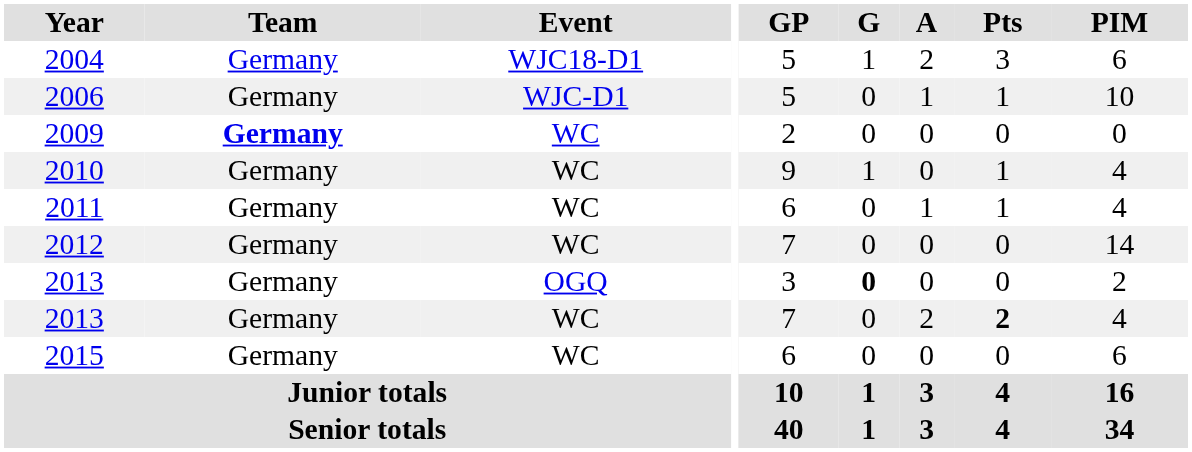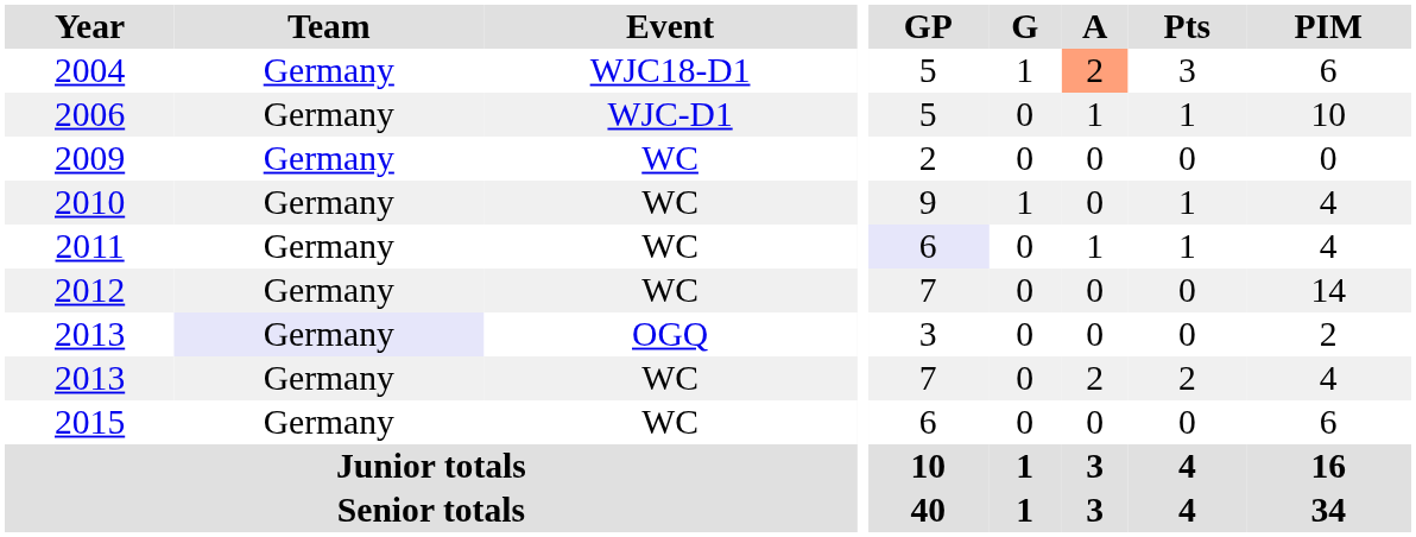 <table border="0" cellpadding="1" cellspacing="0" ID="Table3" style="text-align:center; width:40em">
 <tr ALIGN="center" bgcolor="#e0e0e0">
 <th>Year</th>
 <th>Team</th>
 <th>Event</th>
 <th rowspan="99" bgcolor="#ffffff"></th>
 <th>GP</th>
 <th>G</th>
 <th>A</th>
 <th>Pts</th>
 <th>PIM</th>
 </tr>
 <tr ALIGN="center">
 <td><a href='#'>2004</a></td>
 <td><a href='#'>Germany</a></td>
 <td><a href='#'>WJC18-D1</a></td>
 <td>5</td>
 <td>1</td>
-<td>2</td>
+<td style="background: lightsalmon;">2</td>
 <td>3</td>
 <td>6</td>
 </tr>
 <tr ALIGN="center" bgcolor="#f0f0f0">
 <td><a href='#'>2006</a></td>
 <td>Germany</td>
 <td><a href='#'>WJC-D1</a></td>
 <td>5</td>
 <td>0</td>
 <td>1</td>
 <td>1</td>
 <td>10</td>
 </tr>
 <tr ALIGN="center">
 <td><a href='#'>2009</a></td>
-<td><strong><a href='#'>Germany</a></strong></td>
+<td><a href='#'>Germany</a></td>
 <td><a href='#'>WC</a></td>
 <td>2</td>
 <td>0</td>
 <td>0</td>
 <td>0</td>
 <td>0</td>
 </tr>
 <tr ALIGN="center" bgcolor="#f0f0f0">
 <td><a href='#'>2010</a></td>
 <td>Germany</td>
 <td>WC</td>
 <td>9</td>
 <td>1</td>
 <td>0</td>
 <td>1</td>
 <td>4</td>
 </tr>
 <tr ALIGN="center">
 <td><a href='#'>2011</a></td>
 <td>Germany</td>
 <td>WC</td>
-<td>6</td>
+<td style="background: lavender;">6</td>
 <td>0</td>
 <td>1</td>
 <td>1</td>
 <td>4</td>
 </tr>
 <tr ALIGN="center" bgcolor="#f0f0f0">
 <td><a href='#'>2012</a></td>
 <td>Germany</td>
 <td>WC</td>
 <td>7</td>
 <td>0</td>
 <td>0</td>
 <td>0</td>
 <td>14</td>
 </tr>
 <tr style="text-align:center;">
 <td><a href='#'>2013</a></td>
-<td>Germany</td>
+<td style="background: lavender;">Germany</td>
 <td><a href='#'>OGQ</a></td>
 <td>3</td>
-<td><strong>0</strong></td>
+<td>0</td>
 <td>0</td>
 <td>0</td>
 <td>2</td>
 </tr>
 <tr ALIGN="center" bgcolor="#f0f0f0">
 <td><a href='#'>2013</a></td>
 <td>Germany</td>
 <td>WC</td>
 <td>7</td>
 <td>0</td>
 <td>2</td>
-<td><strong>2</strong></td>
+<td>2</td>
 <td>4</td>
 </tr>
 <tr ALIGN="center">
 <td><a href='#'>2015</a></td>
 <td>Germany</td>
 <td>WC</td>
 <td>6</td>
 <td>0</td>
 <td>0</td>
 <td>0</td>
 <td>6</td>
 </tr>
 <tr bgcolor="#e0e0e0">
 <th colspan="3">Junior totals</th>
 <th>10</th>
 <th>1</th>
 <th>3</th>
 <th>4</th>
 <th>16</th>
 </tr>
 <tr bgcolor="#e0e0e0">
 <th colspan="3">Senior totals</th>
 <th>40</th>
 <th>1</th>
 <th>3</th>
 <th>4</th>
 <th>34</th>
 </tr>
 </table>
